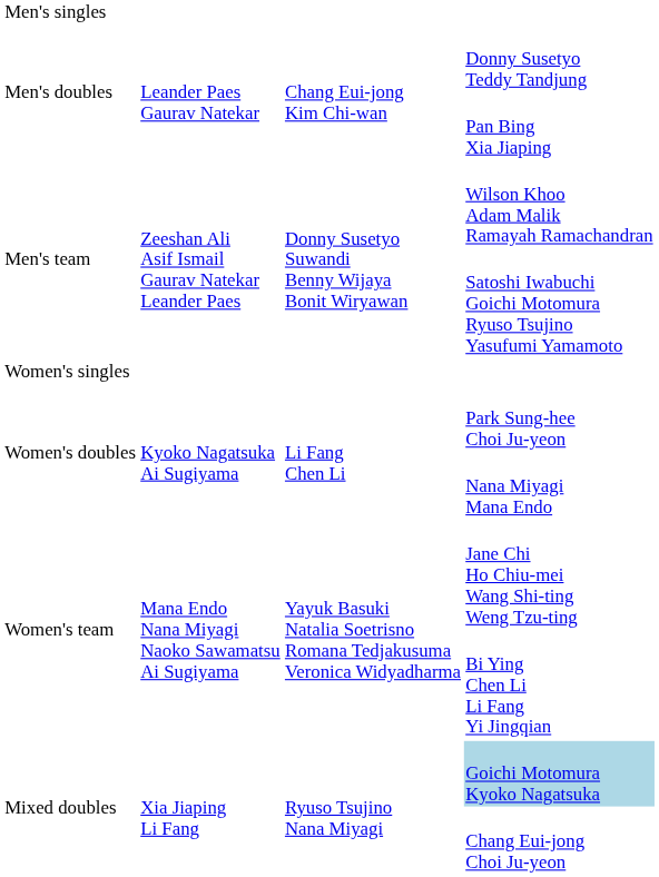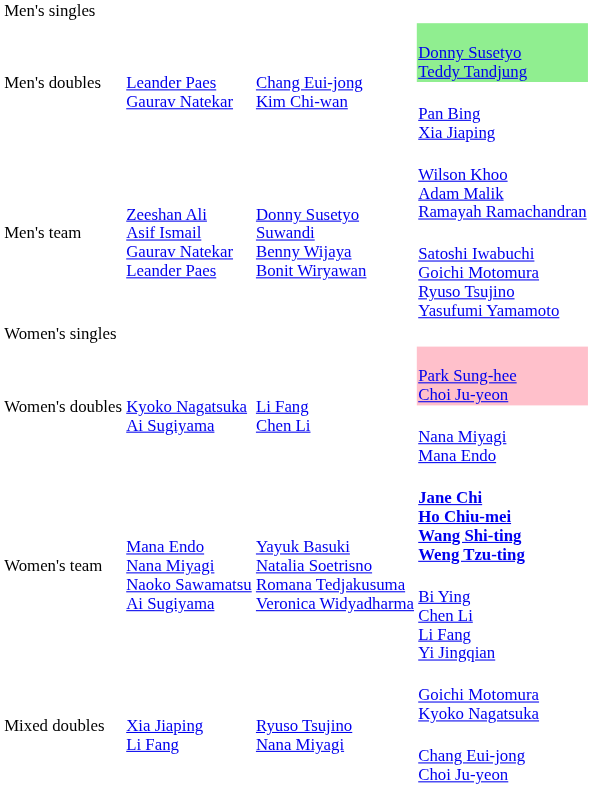 <table>
 <tr>
 <td rowspan=2>Men's singles<br></td>
 <td rowspan=2></td>
 <td rowspan=2></td>
 <td></td>
 </tr>
 <tr>
 <td></td>
 </tr>
 <tr>
 <td rowspan=2>Men's doubles</td>
 <td rowspan=2><br><a href='#'>Leander Paes</a><br><a href='#'>Gaurav Natekar</a></td>
 <td rowspan=2><br><a href='#'>Chang Eui-jong</a><br><a href='#'>Kim Chi-wan</a></td>
-<td><br><a href='#'>Donny Susetyo</a><br><a href='#'>Teddy Tandjung</a></td>
+<td style="background: lightgreen;"><br><a href='#'>Donny Susetyo</a><br><a href='#'>Teddy Tandjung</a></td>
 </tr>
 <tr>
 <td><br><a href='#'>Pan Bing</a><br><a href='#'>Xia Jiaping</a></td>
 </tr>
 <tr>
 <td rowspan=2>Men's team<br></td>
 <td rowspan=2><br><a href='#'>Zeeshan Ali</a><br><a href='#'>Asif Ismail</a><br><a href='#'>Gaurav Natekar</a><br><a href='#'>Leander Paes</a></td>
 <td rowspan=2><br><a href='#'>Donny Susetyo</a><br><a href='#'>Suwandi</a><br><a href='#'>Benny Wijaya</a><br><a href='#'>Bonit Wiryawan</a></td>
 <td><br><a href='#'>Wilson Khoo</a><br><a href='#'>Adam Malik</a><br><a href='#'>Ramayah Ramachandran</a></td>
 </tr>
 <tr>
 <td><br><a href='#'>Satoshi Iwabuchi</a><br><a href='#'>Goichi Motomura</a><br><a href='#'>Ryuso Tsujino</a><br><a href='#'>Yasufumi Yamamoto</a></td>
 </tr>
 <tr>
 <td rowspan=2>Women's singles<br></td>
 <td rowspan=2></td>
 <td rowspan=2></td>
 <td></td>
 </tr>
 <tr>
 <td></td>
 </tr>
 <tr>
 <td rowspan=2>Women's doubles</td>
 <td rowspan=2><br><a href='#'>Kyoko Nagatsuka</a><br><a href='#'>Ai Sugiyama</a></td>
 <td rowspan=2><br><a href='#'>Li Fang</a><br><a href='#'>Chen Li</a></td>
-<td><br><a href='#'>Park Sung-hee</a><br><a href='#'>Choi Ju-yeon</a></td>
+<td style="background: pink;"><br><a href='#'>Park Sung-hee</a><br><a href='#'>Choi Ju-yeon</a></td>
 </tr>
 <tr>
 <td><br><a href='#'>Nana Miyagi</a><br><a href='#'>Mana Endo</a></td>
 </tr>
 <tr>
 <td rowspan=2>Women's team<br></td>
 <td rowspan=2><br><a href='#'>Mana Endo</a><br><a href='#'>Nana Miyagi</a><br><a href='#'>Naoko Sawamatsu</a><br><a href='#'>Ai Sugiyama</a></td>
 <td rowspan=2><br><a href='#'>Yayuk Basuki</a><br><a href='#'>Natalia Soetrisno</a><br><a href='#'>Romana Tedjakusuma</a><br><a href='#'>Veronica Widyadharma</a></td>
-<td><br><a href='#'>Jane Chi</a><br><a href='#'>Ho Chiu-mei</a><br><a href='#'>Wang Shi-ting</a><br><a href='#'>Weng Tzu-ting</a></td>
+<td><strong><br><a href='#'>Jane Chi</a><br><a href='#'>Ho Chiu-mei</a><br><a href='#'>Wang Shi-ting</a><br><a href='#'>Weng Tzu-ting</a></strong></td>
 </tr>
 <tr>
 <td><br><a href='#'>Bi Ying</a><br><a href='#'>Chen Li</a><br><a href='#'>Li Fang</a><br><a href='#'>Yi Jingqian</a></td>
 </tr>
 <tr>
 <td rowspan=2>Mixed doubles</td>
 <td rowspan=2><br><a href='#'>Xia Jiaping</a><br><a href='#'>Li Fang</a></td>
 <td rowspan=2><br><a href='#'>Ryuso Tsujino</a><br><a href='#'>Nana Miyagi</a></td>
-<td style="background: lightblue;"><br><a href='#'>Goichi Motomura</a><br><a href='#'>Kyoko Nagatsuka</a></td>
+<td><br><a href='#'>Goichi Motomura</a><br><a href='#'>Kyoko Nagatsuka</a></td>
 </tr>
 <tr>
 <td><br><a href='#'>Chang Eui-jong</a><br><a href='#'>Choi Ju-yeon</a></td>
 </tr>
 </table>
